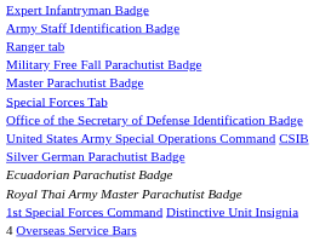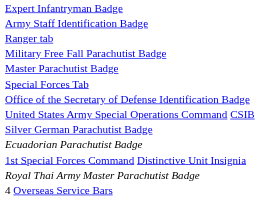 <table>
 <tr>
 <td> <a href='#'>Expert Infantryman Badge</a></td>
 </tr>
 <tr>
 <td> <a href='#'>Army Staff Identification Badge</a></td>
 </tr>
 <tr>
 <td> <a href='#'>Ranger tab</a></td>
 </tr>
 <tr>
 <td> <a href='#'>Military Free Fall Parachutist Badge</a></td>
 </tr>
 <tr>
 <td> <a href='#'>Master Parachutist Badge</a></td>
 </tr>
 <tr>
 <td> <a href='#'>Special Forces Tab</a></td>
 </tr>
 <tr>
 <td> <a href='#'>Office of the Secretary of Defense Identification Badge</a></td>
 </tr>
 <tr>
 <td> <a href='#'>United States Army Special Operations Command</a> <a href='#'>CSIB</a></td>
 </tr>
 <tr>
 <td> <a href='#'>Silver German Parachutist Badge</a></td>
 </tr>
 <tr>
 <td><em>Ecuadorian Parachutist Badge</em></td>
 </tr>
 <tr>
-<td> <em>Royal Thai Army Master Parachutist Badge</em></td>
+<td> <a href='#'>1st Special Forces Command</a> <a href='#'>Distinctive Unit Insignia</a></td>
 </tr>
 <tr>
-<td> <a href='#'>1st Special Forces Command</a> <a href='#'>Distinctive Unit Insignia</a></td>
+<td> <em>Royal Thai Army Master Parachutist Badge</em></td>
 </tr>
 <tr>
 <td> 4 <a href='#'>Overseas Service Bars</a></td>
 </tr>
 </table>
